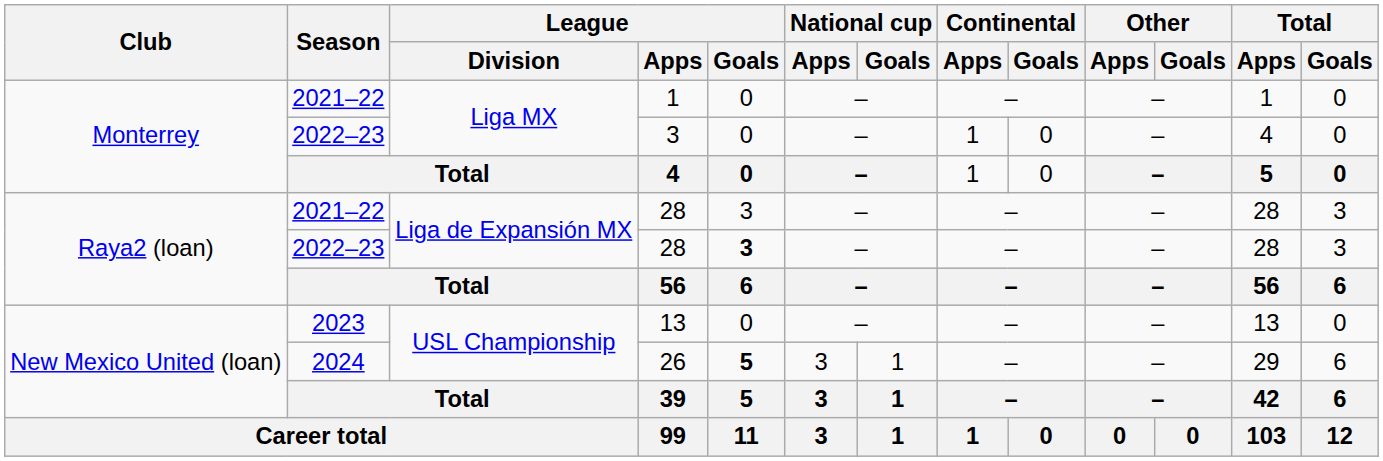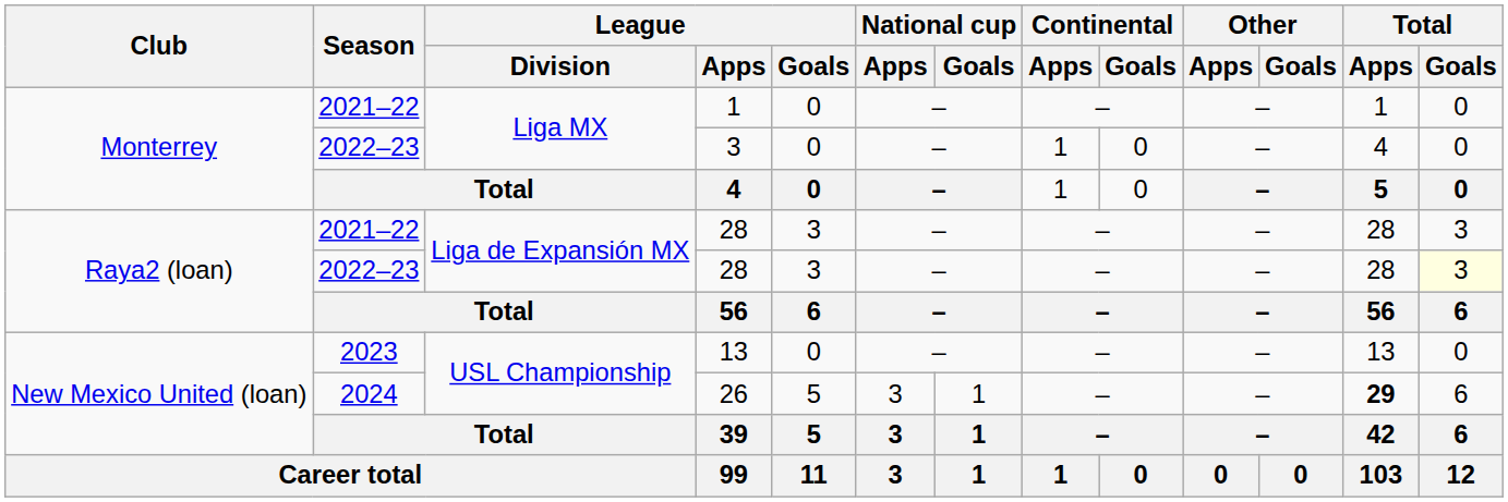 <table class="wikitable" style="text-align: center">
 <tr>
 <th rowspan="2">Club</th>
 <th rowspan="2">Season</th>
 <th colspan="3">League</th>
 <th colspan="2">National cup</th>
 <th colspan="2">Continental</th>
 <th colspan="2">Other</th>
 <th colspan="2">Total</th>
 </tr>
 <tr>
 <th>Division</th>
 <th>Apps</th>
 <th>Goals</th>
 <th>Apps</th>
 <th>Goals</th>
 <th>Apps</th>
 <th>Goals</th>
 <th>Apps</th>
 <th>Goals</th>
 <th>Apps</th>
 <th>Goals</th>
 </tr>
 <tr>
 <td rowspan="3"><a href='#'>Monterrey</a></td>
 <td><a href='#'>2021–22</a></td>
 <td rowspan="2"><a href='#'>Liga MX</a></td>
 <td>1</td>
 <td>0</td>
 <td colspan="2">–</td>
 <td colspan="2">–</td>
 <td colspan="2">–</td>
 <td>1</td>
 <td>0</td>
 </tr>
 <tr>
 <td><a href='#'>2022–23</a></td>
 <td>3</td>
 <td>0</td>
 <td colspan="2">–</td>
 <td>1</td>
 <td>0</td>
 <td colspan="2">–</td>
 <td>4</td>
 <td>0</td>
 </tr>
 <tr>
 <th colspan="2">Total</th>
 <th>4</th>
 <th>0</th>
 <th colspan="2">–</th>
 <td>1</td>
 <td>0</td>
 <th colspan="2">–</th>
 <th>5</th>
 <th>0</th>
 </tr>
 <tr>
 <td rowspan="3"><a href='#'>Raya2</a> (loan)</td>
 <td><a href='#'>2021–22</a></td>
 <td rowspan="2"><a href='#'>Liga de Expansión MX</a></td>
 <td>28</td>
 <td>3</td>
 <td colspan="2">–</td>
 <td colspan="2">–</td>
 <td colspan="2">–</td>
 <td>28</td>
 <td>3</td>
 </tr>
 <tr>
 <td><a href='#'>2022–23</a></td>
 <td>28</td>
-<td><strong>3</strong></td>
+<td>3</td>
 <td colspan="2">–</td>
 <td colspan="2">–</td>
 <td colspan="2">–</td>
 <td>28</td>
-<td>3</td>
+<td style="background: lightyellow;">3</td>
 </tr>
 <tr>
 <th colspan="2">Total</th>
 <th>56</th>
 <th>6</th>
 <th colspan="2">–</th>
 <th colspan="2">–</th>
 <th colspan="2">–</th>
 <th>56</th>
 <th>6</th>
 </tr>
 <tr>
 <td rowspan="3"><a href='#'>New Mexico United</a> (loan)</td>
 <td><a href='#'>2023</a></td>
 <td rowspan="2"><a href='#'>USL Championship</a></td>
 <td>13</td>
 <td>0</td>
 <td colspan="2">–</td>
 <td colspan="2">–</td>
 <td colspan="2">–</td>
 <td>13</td>
 <td>0</td>
 </tr>
 <tr>
 <td><a href='#'>2024</a></td>
 <td>26</td>
-<td><strong>5</strong></td>
+<td>5</td>
 <td>3</td>
 <td>1</td>
 <td colspan="2">–</td>
 <td colspan="2">–</td>
-<td>29</td>
+<td><strong>29</strong></td>
 <td>6</td>
 </tr>
 <tr>
 <th colspan="2">Total</th>
 <th>39</th>
 <th>5</th>
 <th>3</th>
 <th>1</th>
 <th colspan="2">–</th>
 <th colspan="2">–</th>
 <th>42</th>
 <th>6</th>
 </tr>
 <tr>
 <th colspan="3">Career total</th>
 <th>99</th>
 <th>11</th>
 <th>3</th>
 <th>1</th>
 <th>1</th>
 <th>0</th>
 <th>0</th>
 <th>0</th>
 <th>103</th>
 <th>12</th>
 </tr>
 </table>
